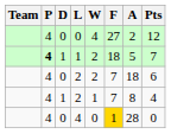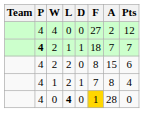 <table class="wikitable" style="text-align:center">
 <tr>
 <th>Team</th>
 <th>P</th>
+<th>W</th>
+<th>L</th>
 <th>D</th>
-<th>L</th>
-<th>W</th>
 <th>F</th>
 <th>A</th>
 <th>Pts</th>
 </tr>
 <tr bgcolor="#ccffcc">
 <td align=left><strong></strong></td>
 <td>4</td>
+<td>4</td>
 <td>0</td>
 <td>0</td>
-<td>4</td>
 <td>27</td>
 <td>2</td>
 <td>12</td>
 </tr>
 <tr bgcolor="#ccffcc">
 <td align=left><strong></strong></td>
 <td><strong>4</strong></td>
+<td>2</td>
 <td>1</td>
 <td>1</td>
-<td>2</td>
 <td>18</td>
-<td>5</td>
+<td>7</td>
 <td>7</td>
 </tr>
 <tr>
 <td align=left></td>
 <td>4</td>
-<td>0</td>
 <td>2</td>
 <td>2</td>
-<td>7</td>
-<td>18</td>
+<td>0</td>
+<td>8</td>
+<td>15</td>
 <td>6</td>
 </tr>
 <tr>
 <td align=left></td>
 <td>4</td>
 <td>1</td>
 <td>2</td>
 <td>1</td>
 <td>7</td>
 <td>8</td>
 <td>4</td>
 </tr>
 <tr>
 <td align=left></td>
 <td>4</td>
 <td>0</td>
-<td>4</td>
+<td><strong>4</strong></td>
 <td>0</td>
 <td style="background: gold;">1</td>
 <td>28</td>
 <td>0</td>
 </tr>
 </table>
